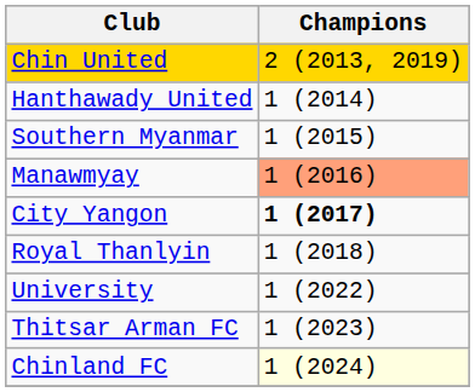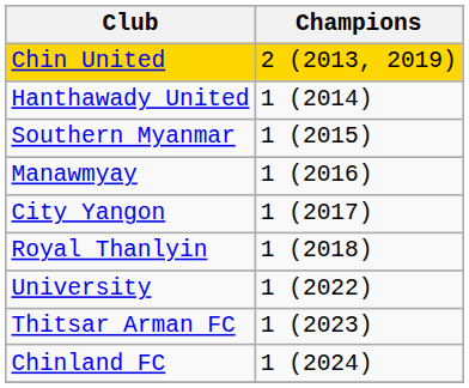 <table class="wikitable sortable" style="font-size:95%;">
 <tr>
 <th>Club</th>
 <th>Champions</th>
 </tr>
 <tr ! style="background:gold;">
 <td><a href='#'>Chin United</a></td>
 <td>2 (2013, 2019)</td>
 </tr>
 <tr>
 <td><a href='#'>Hanthawady United</a></td>
 <td>1 (2014)</td>
 </tr>
 <tr>
 <td><a href='#'>Southern Myanmar</a></td>
 <td>1 (2015)</td>
 </tr>
 <tr>
 <td><a href='#'>Manawmyay</a></td>
-<td style="background: lightsalmon;">1 (2016)</td>
+<td>1 (2016)</td>
 </tr>
 <tr>
 <td><a href='#'>City Yangon</a></td>
-<td><strong>1 (2017)</strong></td>
+<td>1 (2017)</td>
 </tr>
 <tr>
 <td><a href='#'>Royal Thanlyin</a></td>
 <td>1 (2018)</td>
 </tr>
 <tr>
 <td><a href='#'>University</a></td>
 <td>1 (2022)</td>
 </tr>
 <tr>
 <td><a href='#'>Thitsar Arman FC</a></td>
 <td>1 (2023)</td>
 </tr>
 <tr>
 <td><a href='#'>Chinland FC</a></td>
-<td style="background: lightyellow;">1 (2024)</td>
+<td>1 (2024)</td>
 </tr>
 <tr>
 </tr>
 </table>
